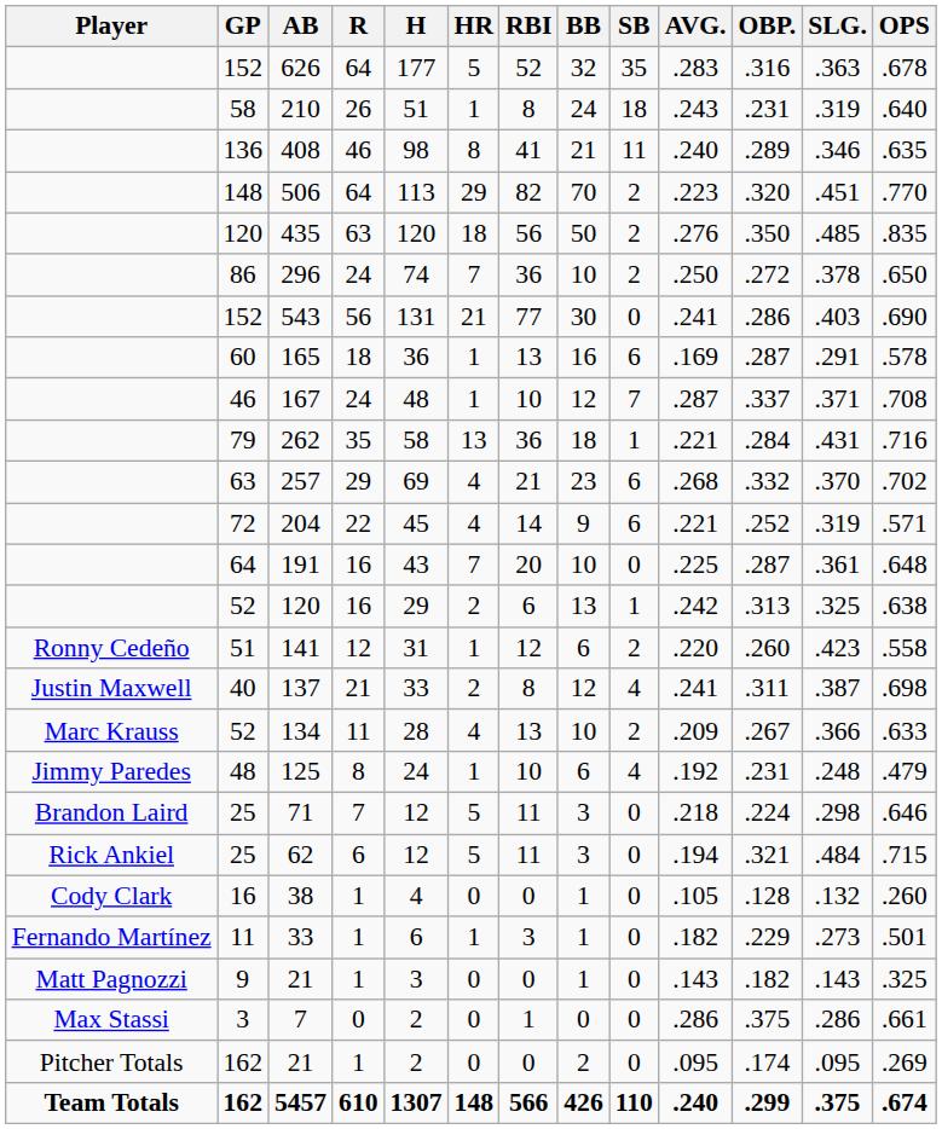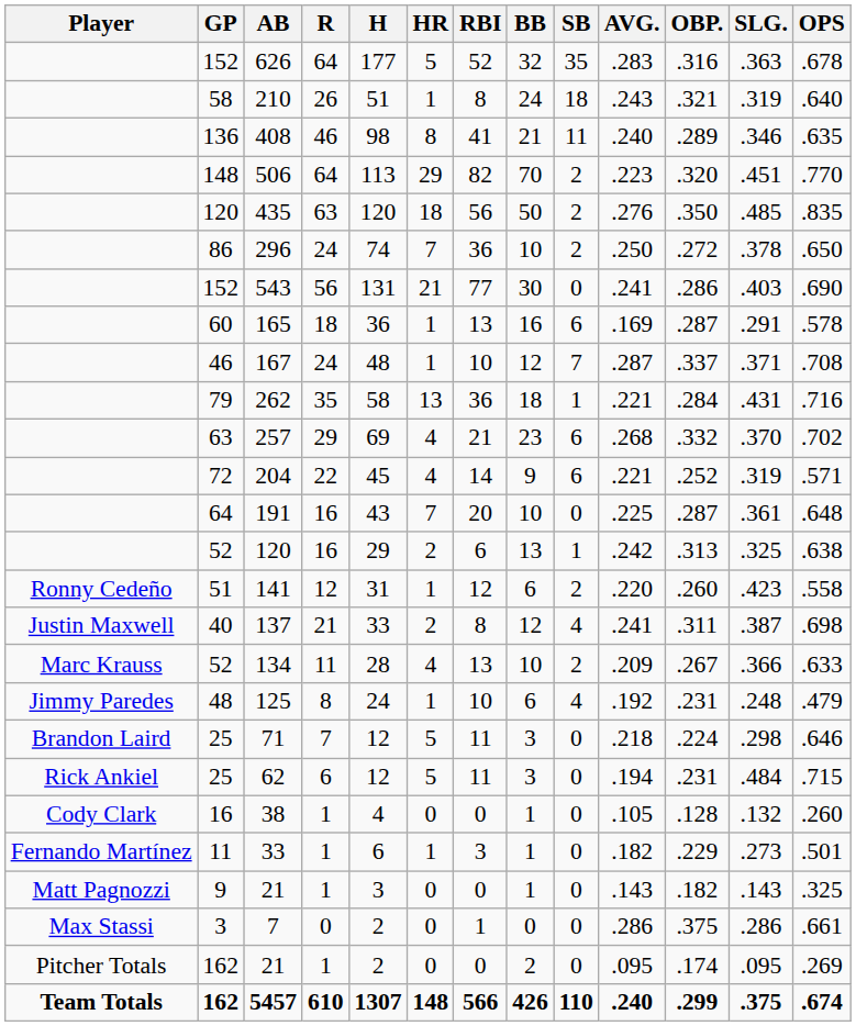 <table class="wikitable" style="text-align:center;">
 <tr>
 <th>Player</th>
 <th>GP</th>
 <th>AB</th>
 <th>R</th>
 <th>H</th>
 <th>HR</th>
 <th>RBI</th>
 <th>BB</th>
 <th>SB</th>
 <th>AVG.</th>
 <th>OBP.</th>
 <th>SLG.</th>
 <th>OPS</th>
 </tr>
 <tr>
 <td align=center></td>
 <td>152</td>
 <td>626</td>
 <td>64</td>
 <td>177</td>
 <td>5</td>
 <td>52</td>
 <td>32</td>
 <td>35</td>
 <td>.283</td>
 <td>.316</td>
 <td>.363</td>
 <td>.678</td>
 </tr>
 <tr>
 <td align=center></td>
 <td>58</td>
 <td>210</td>
 <td>26</td>
 <td>51</td>
 <td>1</td>
 <td>8</td>
 <td>24</td>
 <td>18</td>
 <td>.243</td>
-<td>.231</td>
+<td>.321</td>
 <td>.319</td>
 <td>.640</td>
 </tr>
 <tr>
 <td align=center></td>
 <td>136</td>
 <td>408</td>
 <td>46</td>
 <td>98</td>
 <td>8</td>
 <td>41</td>
 <td>21</td>
 <td>11</td>
 <td>.240</td>
 <td>.289</td>
 <td>.346</td>
 <td>.635</td>
 </tr>
 <tr>
 <td align=center></td>
 <td>148</td>
 <td>506</td>
 <td>64</td>
 <td>113</td>
 <td>29</td>
 <td>82</td>
 <td>70</td>
 <td>2</td>
 <td>.223</td>
 <td>.320</td>
 <td>.451</td>
 <td>.770</td>
 </tr>
 <tr>
 <td align=center></td>
 <td>120</td>
 <td>435</td>
 <td>63</td>
 <td>120</td>
 <td>18</td>
 <td>56</td>
 <td>50</td>
 <td>2</td>
 <td>.276</td>
 <td>.350</td>
 <td>.485</td>
 <td>.835</td>
 </tr>
 <tr>
 <td align=center></td>
 <td>86</td>
 <td>296</td>
 <td>24</td>
 <td>74</td>
 <td>7</td>
 <td>36</td>
 <td>10</td>
 <td>2</td>
 <td>.250</td>
 <td>.272</td>
 <td>.378</td>
 <td>.650</td>
 </tr>
 <tr>
 <td align=center></td>
 <td>152</td>
 <td>543</td>
 <td>56</td>
 <td>131</td>
 <td>21</td>
 <td>77</td>
 <td>30</td>
 <td>0</td>
 <td>.241</td>
 <td>.286</td>
 <td>.403</td>
 <td>.690</td>
 </tr>
 <tr>
 <td align=center></td>
 <td>60</td>
 <td>165</td>
 <td>18</td>
 <td>36</td>
 <td>1</td>
 <td>13</td>
 <td>16</td>
 <td>6</td>
 <td>.169</td>
 <td>.287</td>
 <td>.291</td>
 <td>.578</td>
 </tr>
 <tr>
 <td align=center></td>
 <td>46</td>
 <td>167</td>
 <td>24</td>
 <td>48</td>
 <td>1</td>
 <td>10</td>
 <td>12</td>
 <td>7</td>
 <td>.287</td>
 <td>.337</td>
 <td>.371</td>
 <td>.708</td>
 </tr>
 <tr>
 <td align=center></td>
 <td>79</td>
 <td>262</td>
 <td>35</td>
 <td>58</td>
 <td>13</td>
 <td>36</td>
 <td>18</td>
 <td>1</td>
 <td>.221</td>
 <td>.284</td>
 <td>.431</td>
 <td>.716</td>
 </tr>
 <tr>
 <td align=center></td>
 <td>63</td>
 <td>257</td>
 <td>29</td>
 <td>69</td>
 <td>4</td>
 <td>21</td>
 <td>23</td>
 <td>6</td>
 <td>.268</td>
 <td>.332</td>
 <td>.370</td>
 <td>.702</td>
 </tr>
 <tr>
 <td align=center></td>
 <td>72</td>
 <td>204</td>
 <td>22</td>
 <td>45</td>
 <td>4</td>
 <td>14</td>
 <td>9</td>
 <td>6</td>
 <td>.221</td>
 <td>.252</td>
 <td>.319</td>
 <td>.571</td>
 </tr>
 <tr>
 <td align=center></td>
 <td>64</td>
 <td>191</td>
 <td>16</td>
 <td>43</td>
 <td>7</td>
 <td>20</td>
 <td>10</td>
 <td>0</td>
 <td>.225</td>
 <td>.287</td>
 <td>.361</td>
 <td>.648</td>
 </tr>
 <tr>
 <td align=center></td>
 <td>52</td>
 <td>120</td>
 <td>16</td>
 <td>29</td>
 <td>2</td>
 <td>6</td>
 <td>13</td>
 <td>1</td>
 <td>.242</td>
 <td>.313</td>
 <td>.325</td>
 <td>.638</td>
 </tr>
 <tr align=center>
 <td><a href='#'>Ronny Cedeño</a></td>
 <td>51</td>
 <td>141</td>
 <td>12</td>
 <td>31</td>
 <td>1</td>
 <td>12</td>
 <td>6</td>
 <td>2</td>
 <td>.220</td>
 <td>.260</td>
 <td>.423</td>
 <td>.558</td>
 </tr>
 <tr align=center>
 <td><a href='#'>Justin Maxwell</a></td>
 <td>40</td>
 <td>137</td>
 <td>21</td>
 <td>33</td>
 <td>2</td>
 <td>8</td>
 <td>12</td>
 <td>4</td>
 <td>.241</td>
 <td>.311</td>
 <td>.387</td>
 <td>.698</td>
 </tr>
 <tr align=center>
 <td><a href='#'>Marc Krauss</a></td>
 <td>52</td>
 <td>134</td>
 <td>11</td>
 <td>28</td>
 <td>4</td>
 <td>13</td>
 <td>10</td>
 <td>2</td>
 <td>.209</td>
 <td>.267</td>
 <td>.366</td>
 <td>.633</td>
 </tr>
 <tr align=center>
 <td><a href='#'>Jimmy Paredes</a></td>
 <td>48</td>
 <td>125</td>
 <td>8</td>
 <td>24</td>
 <td>1</td>
 <td>10</td>
 <td>6</td>
 <td>4</td>
 <td>.192</td>
 <td>.231</td>
 <td>.248</td>
 <td>.479</td>
 </tr>
 <tr align=center>
 <td><a href='#'>Brandon Laird</a></td>
 <td>25</td>
 <td>71</td>
 <td>7</td>
 <td>12</td>
 <td>5</td>
 <td>11</td>
 <td>3</td>
 <td>0</td>
 <td>.218</td>
 <td>.224</td>
 <td>.298</td>
 <td>.646</td>
 </tr>
 <tr align=center>
 <td><a href='#'>Rick Ankiel</a></td>
 <td>25</td>
 <td>62</td>
 <td>6</td>
 <td>12</td>
 <td>5</td>
 <td>11</td>
 <td>3</td>
 <td>0</td>
 <td>.194</td>
-<td>.321</td>
+<td>.231</td>
 <td>.484</td>
 <td>.715</td>
 </tr>
 <tr align=center>
 <td><a href='#'>Cody Clark</a></td>
 <td>16</td>
 <td>38</td>
 <td>1</td>
 <td>4</td>
 <td>0</td>
 <td>0</td>
 <td>1</td>
 <td>0</td>
 <td>.105</td>
 <td>.128</td>
 <td>.132</td>
 <td>.260</td>
 </tr>
 <tr align=center>
 <td><a href='#'>Fernando Martínez</a></td>
 <td>11</td>
 <td>33</td>
 <td>1</td>
 <td>6</td>
 <td>1</td>
 <td>3</td>
 <td>1</td>
 <td>0</td>
 <td>.182</td>
 <td>.229</td>
 <td>.273</td>
 <td>.501</td>
 </tr>
 <tr align=center>
 <td><a href='#'>Matt Pagnozzi</a></td>
 <td>9</td>
 <td>21</td>
 <td>1</td>
 <td>3</td>
 <td>0</td>
 <td>0</td>
 <td>1</td>
 <td>0</td>
 <td>.143</td>
 <td>.182</td>
 <td>.143</td>
 <td>.325</td>
 </tr>
 <tr align=center>
 <td><a href='#'>Max Stassi</a></td>
 <td>3</td>
 <td>7</td>
 <td>0</td>
 <td>2</td>
 <td>0</td>
 <td>1</td>
 <td>0</td>
 <td>0</td>
 <td>.286</td>
 <td>.375</td>
 <td>.286</td>
 <td>.661</td>
 </tr>
 <tr align=center>
 <td>Pitcher Totals</td>
 <td>162</td>
 <td>21</td>
 <td>1</td>
 <td>2</td>
 <td>0</td>
 <td>0</td>
 <td>2</td>
 <td>0</td>
 <td>.095</td>
 <td>.174</td>
 <td>.095</td>
 <td>.269</td>
 </tr>
 <tr>
 <td align=center – class="sortbottom"><strong>Team Totals</strong></td>
 <td><strong>162</strong></td>
 <td><strong>5457</strong></td>
 <td><strong>610</strong></td>
 <td><strong>1307</strong></td>
 <td><strong>148</strong></td>
 <td><strong>566</strong></td>
 <td><strong>426</strong></td>
 <td><strong>110</strong></td>
 <td><strong>.240</strong></td>
 <td><strong>.299</strong></td>
 <td><strong>.375</strong></td>
 <td><strong>.674</strong></td>
 </tr>
 </table>
